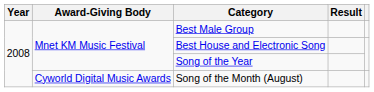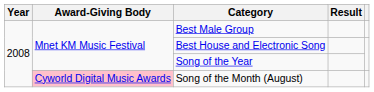 <table class="wikitable">
 <tr>
 <th>Year</th>
 <th>Award-Giving Body</th>
 <th>Category</th>
 <th>Result</th>
 <th class="unsortable"></th>
 </tr>
 <tr>
 <td rowspan="4">2008</td>
 <td rowspan="3"><a href='#'>Mnet KM Music Festival</a></td>
 <td><a href='#'>Best Male Group</a></td>
 <td></td>
 <td align="center"></td>
 </tr>
 <tr>
 <td><a href='#'>Best House and Electronic Song</a></td>
 <td></td>
 <td rowspan="2" align="center"></td>
 </tr>
 <tr>
 <td><a href='#'>Song of the Year</a></td>
 <td></td>
 </tr>
 <tr>
-<td><a href='#'>Cyworld Digital Music Awards</a></td>
+<td style="background: pink;"><a href='#'>Cyworld Digital Music Awards</a></td>
 <td>Song of the Month (August)</td>
 <td></td>
 <td align="center"></td>
 </tr>
 </table>
